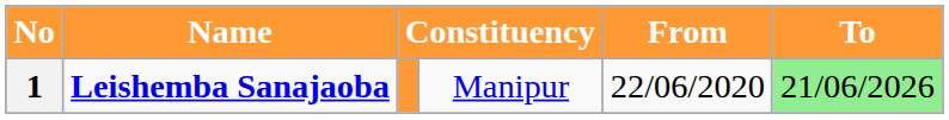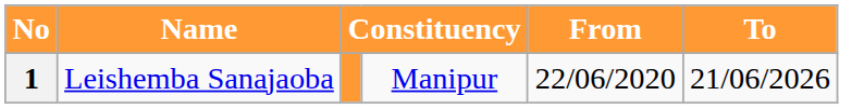 <table class="wikitable sortable">
 <tr>
 <th style="background-color:#FF9933; color:white">No</th>
 <th style="background-color:#FF9933; color:white">Name</th>
 <th colspan="2" style="background-color:#FF9933; color:white">Constituency</th>
 <th style="background-color:#FF9933; color:white">From</th>
 <th style="background-color:#FF9933; color:white">To</th>
 </tr>
 <tr style="text-align:center;">
 <th>1</th>
-<td><strong><a href='#'>Leishemba Sanajaoba</a></strong></td>
+<td><a href='#'>Leishemba Sanajaoba</a></td>
 <td rowspan=9 bgcolor=#FF9933></td>
 <td><a href='#'>Manipur</a></td>
 <td>22/06/2020</td>
-<td style="background: lightgreen;">21/06/2026</td>
+<td>21/06/2026</td>
 </tr>
 </table>
